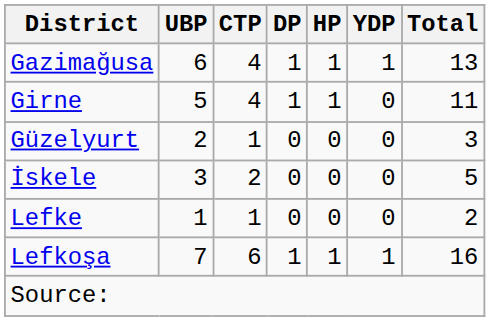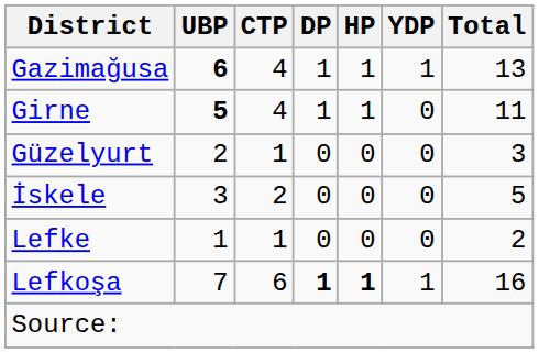 <table class="wikitable sortable" style=text-align:right>
 <tr>
 <th>District</th>
 <th>UBP</th>
 <th>CTP</th>
 <th>DP</th>
 <th>HP</th>
 <th>YDP</th>
 <th>Total</th>
 </tr>
 <tr>
 <td align=left><a href='#'>Gazimağusa</a></td>
-<td>6</td>
+<td><strong>6</strong></td>
 <td>4</td>
 <td>1</td>
 <td>1</td>
 <td>1</td>
 <td>13</td>
 </tr>
 <tr>
 <td align=left><a href='#'>Girne</a></td>
-<td>5</td>
+<td><strong>5</strong></td>
 <td>4</td>
 <td>1</td>
 <td>1</td>
 <td>0</td>
 <td>11</td>
 </tr>
 <tr>
 <td align=left><a href='#'>Güzelyurt</a></td>
 <td>2</td>
 <td>1</td>
 <td>0</td>
 <td>0</td>
 <td>0</td>
 <td>3</td>
 </tr>
 <tr>
 <td align=left><a href='#'>İskele</a></td>
 <td>3</td>
 <td>2</td>
 <td>0</td>
 <td>0</td>
 <td>0</td>
 <td>5</td>
 </tr>
 <tr>
 <td align=left><a href='#'>Lefke</a></td>
 <td>1</td>
 <td>1</td>
 <td>0</td>
 <td>0</td>
 <td>0</td>
 <td>2</td>
 </tr>
 <tr>
 <td align=left><a href='#'>Lefkoşa</a></td>
 <td>7</td>
 <td>6</td>
-<td>1</td>
-<td>1</td>
+<td><strong>1</strong></td>
+<td><strong>1</strong></td>
 <td>1</td>
 <td>16</td>
 </tr>
 <tr>
 <td align=left colspan=10>Source: </td>
 </tr>
 </table>
